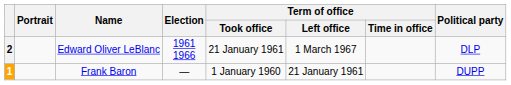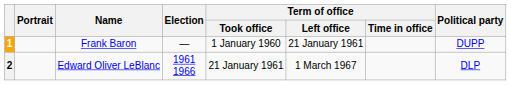 <table class="wikitable" style="text-align:center">
 <tr>
 <th rowspan=2></th>
 <th rowspan=2>Portrait</th>
 <th rowspan=2>Name<br></th>
 <th rowspan=2>Election</th>
 <th colspan=3>Term of office</th>
 <th rowspan=2>Political party</th>
 </tr>
 <tr>
 <th>Took office</th>
 <th>Left office</th>
 <th>Time in office</th>
 </tr>
 <tr>
+<th style="background:Orange; color:white">1</th>
+<td></td>
+<td><a href='#'>Frank Baron</a><br></td>
+<td>—</td>
+<td>1 January 1960</td>
+<td>21 January 1961</td>
+<td></td>
+<td><a href='#'>DUPP</a></td>
+</tr>
+<tr>
 <th style="background:">2</th>
 <td></td>
 <td><a href='#'>Edward Oliver LeBlanc</a><br></td>
 <td><a href='#'>1961</a><br><a href='#'>1966</a></td>
 <td>21 January 1961</td>
 <td>1 March 1967</td>
 <td></td>
 <td><a href='#'>DLP</a></td>
 </tr>
-<tr>
-<th style="background:Orange; color:white">1</th>
-<td></td>
-<td><a href='#'>Frank Baron</a><br></td>
-<td>—</td>
-<td>1 January 1960</td>
-<td>21 January 1961</td>
-<td></td>
-<td><a href='#'>DUPP</a></td>
-</tr>
 </table>
